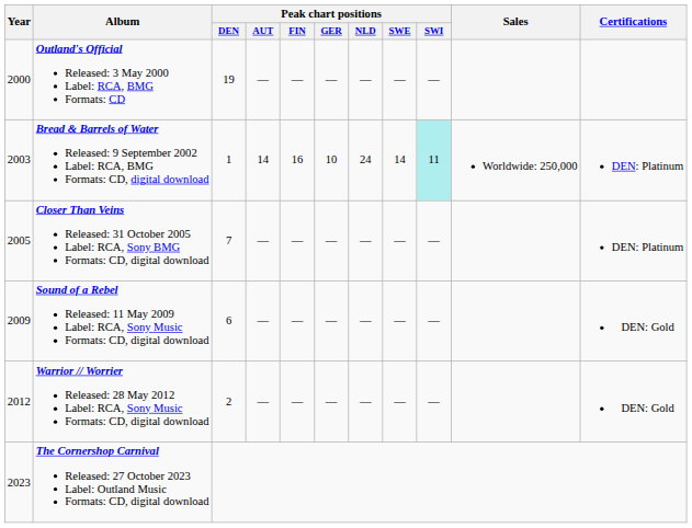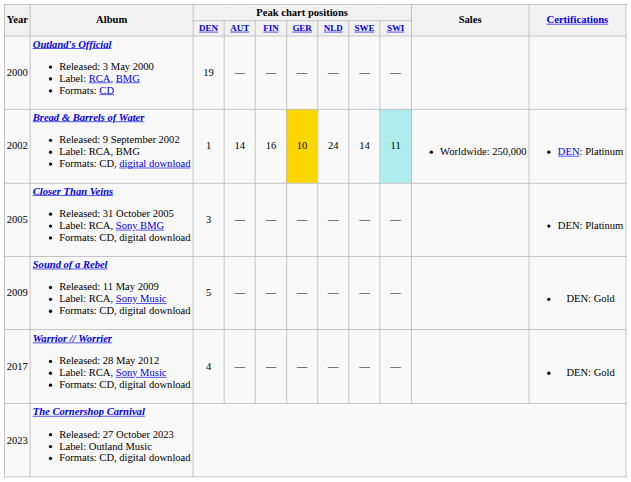 <table class="wikitable plainrowheaders" style="text-align:center;" border="1">
 <tr>
 <th scope="col" rowspan="2">Year</th>
 <th scope="col" rowspan="2">Album</th>
 <th scope="col" colspan="7">Peak chart positions</th>
 <th scope="col" rowspan="2">Sales</th>
 <th scope="col" rowspan="2"><a href='#'>Certifications</a></th>
 </tr>
 <tr>
 <th scope="col" style="width:3em;font-size:85%;"><a href='#'>DEN</a><br></th>
 <th scope="col" style="width:3em;font-size:85%;"><a href='#'>AUT</a><br></th>
 <th scope="col" style="width:3em;font-size:85%;"><a href='#'>FIN</a><br></th>
 <th scope="col" style="width:3em;font-size:85%;"><a href='#'>GER</a><br></th>
 <th scope="col" style="width:3em;font-size:85%;"><a href='#'>NLD</a><br></th>
 <th scope="col" style="width:3em;font-size:85%;"><a href='#'>SWE</a><br></th>
 <th scope="col" style="width:3em;font-size:85%;"><a href='#'>SWI</a><br></th>
 </tr>
 <tr>
 <td>2000</td>
 <td style="text-align:left;"><strong><em><a href='#'>Outland's Official</a></em></strong><br><ul><li>Released: 3 May 2000</li><li>Label: <a href='#'>RCA</a>, <a href='#'>BMG</a></li><li>Formats: <a href='#'>CD</a></li></ul></td>
 <td>19</td>
 <td>—</td>
 <td>—</td>
 <td>—</td>
 <td>—</td>
 <td>—</td>
 <td>—</td>
 <td></td>
 <td></td>
 </tr>
 <tr>
-<td>2003</td>
+<td>2002</td>
 <td style="text-align:left;"><strong><em><a href='#'>Bread & Barrels of Water</a></em></strong><br><ul><li>Released: 9 September 2002</li><li>Label: RCA, BMG</li><li>Formats: CD, <a href='#'>digital download</a></li></ul></td>
 <td>1</td>
 <td>14</td>
 <td>16</td>
-<td>10</td>
+<td style="background: gold;">10</td>
 <td>24</td>
 <td>14</td>
 <td style="background: paleturquoise;">11</td>
 <td><br><ul><li>Worldwide: 250,000</li></ul></td>
 <td><br><ul><li><a href='#'>DEN</a>: Platinum</li></ul></td>
 </tr>
 <tr>
 <td>2005</td>
 <td style="text-align:left;"><strong><em><a href='#'>Closer Than Veins</a></em></strong><br><ul><li>Released: 31 October 2005</li><li>Label: RCA, <a href='#'>Sony BMG</a></li><li>Formats: CD, digital download</li></ul></td>
-<td>7</td>
+<td>3</td>
 <td>—</td>
 <td>—</td>
 <td>—</td>
 <td>—</td>
 <td>—</td>
 <td>—</td>
 <td></td>
 <td><br><ul><li>DEN: Platinum</li></ul></td>
 </tr>
 <tr>
 <td>2009</td>
 <td style="text-align:left;"><strong><em><a href='#'>Sound of a Rebel</a></em></strong><br><ul><li>Released: 11 May 2009</li><li>Label: RCA, <a href='#'>Sony Music</a></li><li>Formats: CD, digital download</li></ul></td>
-<td>6</td>
+<td>5</td>
 <td>—</td>
 <td>—</td>
 <td>—</td>
 <td>—</td>
 <td>—</td>
 <td>—</td>
 <td></td>
 <td><br><ul><li>DEN: Gold</li></ul></td>
 </tr>
 <tr>
-<td>2012</td>
+<td>2017</td>
 <td style="text-align:left;"><strong><em><a href='#'>Warrior // Worrier</a></em></strong><br><ul><li>Released: 28 May 2012</li><li>Label: RCA, <a href='#'>Sony Music</a></li><li>Formats: CD, digital download</li></ul></td>
-<td>2</td>
+<td>4</td>
 <td>—</td>
 <td>—</td>
 <td>—</td>
 <td>—</td>
 <td>—</td>
 <td>—</td>
 <td></td>
 <td><br><ul><li>DEN: Gold</li></ul></td>
 </tr>
 <tr>
 <td>2023</td>
 <td style="text-align:left;"><strong><em><a href='#'>The Cornershop Carnival</a></em></strong><br><ul><li>Released: 27 October 2023</li><li>Label: Outland Music</li><li>Formats: CD, digital download</li></ul></td>
 </tr>
 </table>
